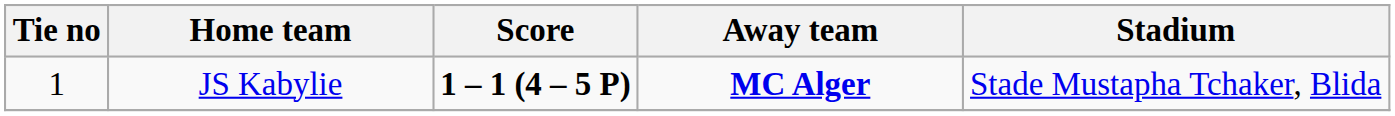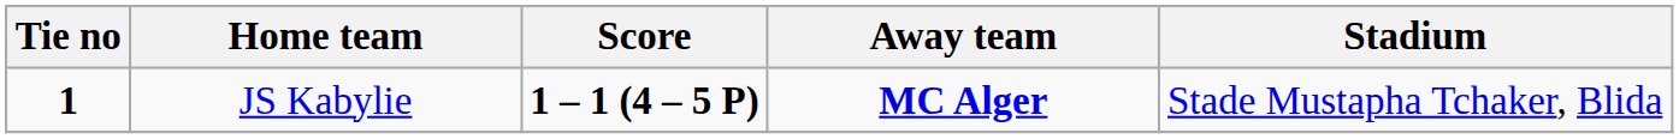 <table class="wikitable" style="text-align:center">
 <tr>
 <th>Tie no</th>
 <th style="width:150px;">Home team</th>
 <th>Score</th>
 <th style="width:150px;">Away team</th>
 <th>Stadium</th>
 </tr>
 <tr>
-<td>1</td>
+<td><strong>1</strong></td>
 <td><a href='#'>JS Kabylie</a></td>
 <td><strong>1 – 1 (4 – 5 P)</strong></td>
 <td><strong><a href='#'>MC Alger</a></strong></td>
 <td><a href='#'>Stade Mustapha Tchaker</a>, <a href='#'>Blida</a></td>
 </tr>
 <tr>
 </tr>
 </table>
